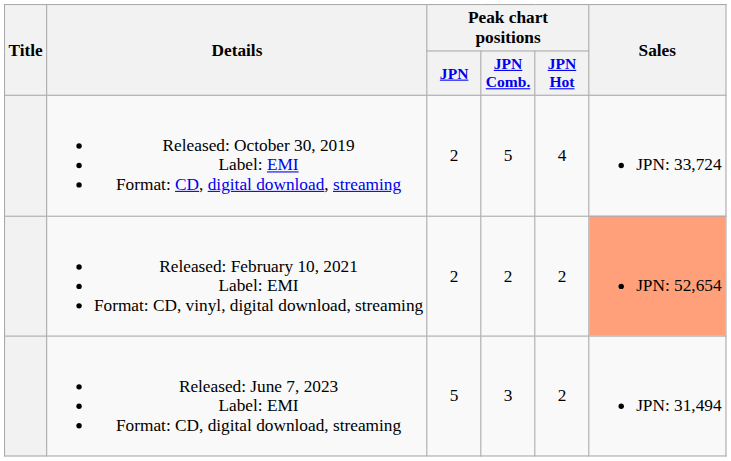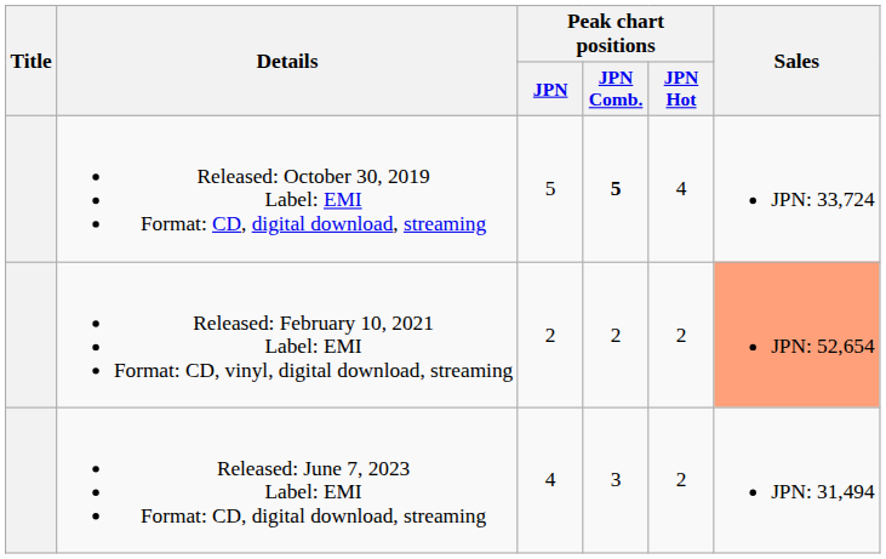 <table class="wikitable plainrowheaders" style="text-align:center;">
 <tr>
 <th rowspan="2" scope="col">Title</th>
 <th rowspan="2" scope="col">Details</th>
 <th colspan="3" scope="col">Peak chart<br>positions</th>
 <th rowspan="2" scope="col">Sales</th>
 </tr>
 <tr>
 <th scope="col" style="width:3em;font-size:90%;"><a href='#'>JPN</a><br></th>
 <th scope="col" style="width:3em;font-size:90%;"><a href='#'>JPN<br>Comb.</a><br></th>
 <th scope="col" style="width:3em;font-size:90%;"><a href='#'>JPN<br>Hot</a><br></th>
 </tr>
 <tr>
 <th scope="row"><em></em></th>
 <td><br><ul><li>Released: October 30, 2019</li><li>Label: <a href='#'>EMI</a></li><li>Format: <a href='#'>CD</a>, <a href='#'>digital download</a>, <a href='#'>streaming</a></li></ul></td>
-<td>2</td>
 <td>5</td>
+<td><strong>5</strong></td>
 <td>4</td>
 <td><br><ul><li>JPN: 33,724</li></ul></td>
 </tr>
 <tr>
 <th scope="row"><em></em></th>
 <td><br><ul><li>Released: February 10, 2021</li><li>Label: EMI</li><li>Format: CD, vinyl, digital download, streaming</li></ul></td>
 <td>2</td>
 <td>2</td>
 <td>2</td>
 <td style="background: lightsalmon;"><br><ul><li>JPN: 52,654</li></ul></td>
 </tr>
 <tr>
 <th scope="row"><em></em></th>
 <td><br><ul><li>Released: June 7, 2023</li><li>Label: EMI</li><li>Format: CD, digital download, streaming</li></ul></td>
-<td>5</td>
+<td>4</td>
 <td>3</td>
 <td>2</td>
 <td><br><ul><li>JPN: 31,494</li></ul></td>
 </tr>
 </table>
